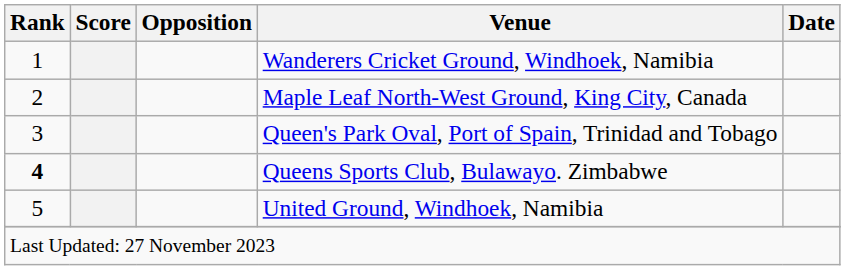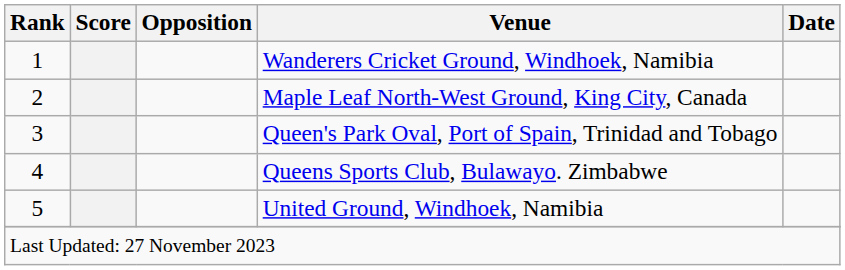 <table class="wikitable sortable">
 <tr>
 <th scope=col>Rank</th>
 <th scope=col>Score</th>
 <th scope=col>Opposition</th>
 <th scope=col>Venue</th>
 <th scope=col>Date</th>
 </tr>
 <tr>
 <td align=center>1</td>
 <th scope=row style=text-align:center;></th>
 <td></td>
 <td><a href='#'>Wanderers Cricket Ground</a>, <a href='#'>Windhoek</a>, Namibia</td>
 <td></td>
 </tr>
 <tr>
 <td align=center>2</td>
 <th scope=row style=text-align:center;></th>
 <td></td>
 <td><a href='#'>Maple Leaf North-West Ground</a>, <a href='#'>King City</a>, Canada</td>
 <td></td>
 </tr>
 <tr>
 <td align=center>3</td>
 <th scope=row style=text-align:center;></th>
 <td></td>
 <td><a href='#'>Queen's Park Oval</a>, <a href='#'>Port of Spain</a>, Trinidad and Tobago</td>
 <td></td>
 </tr>
 <tr>
-<td align=center><strong>4</strong></td>
+<td align=center>4</td>
 <th scope=row style=text-align:center;></th>
 <td></td>
 <td><a href='#'>Queens Sports Club</a>, <a href='#'>Bulawayo</a>. Zimbabwe</td>
 <td></td>
 </tr>
 <tr>
 <td align="center">5</td>
 <th scope=row style=text-align:center;></th>
 <td></td>
 <td><a href='#'>United Ground</a>, <a href='#'>Windhoek</a>, Namibia</td>
 <td></td>
 </tr>
 <tr>
 </tr>
 <tr class=sortbottom>
 <td colspan=5><small>Last Updated: 27 November 2023</small></td>
 </tr>
 </table>
